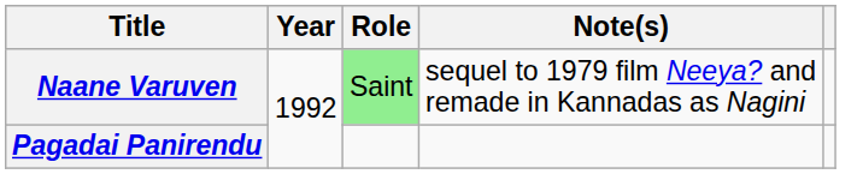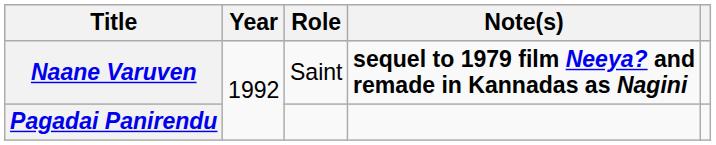 <table class="wikitable sortable plainrowheaders">
 <tr style="background:#ccc; text-align:center;">
 <th scope="col">Title</th>
 <th scope="col">Year</th>
 <th scope="col">Role</th>
 <th scope="col">Note(s)</th>
 <th scope="col" class="unsortable"></th>
 </tr>
 <tr>
 <th scope="row"><em><a href='#'>Naane Varuven</a></em></th>
 <td rowspan=2>1992</td>
-<td style="background: lightgreen;">Saint</td>
-<td>sequel to 1979 film <em><a href='#'>Neeya?</a></em> and <br> remade in Kannadas as <em>Nagini</em></td>
+<td>Saint</td>
+<td><strong>sequel to 1979 film <em><a href='#'>Neeya?</a></em> and <br> remade in Kannadas as <em>Nagini</em></strong></td>
 <td></td>
 </tr>
 <tr>
 <th scope="row"><em><a href='#'>Pagadai Panirendu</a></em></th>
 <td></td>
 <td></td>
 <td></td>
 </tr>
 </table>
